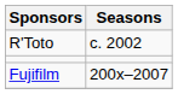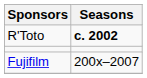 <table class="wikitable collapsible">
 <tr>
 <th>Sponsors</th>
 <th>Seasons</th>
 </tr>
 <tr>
 <td>R'Toto</td>
-<td>c. 2002</td>
+<td><strong>c. 2002</strong></td>
 </tr>
 <tr>
 <td></td>
 </tr>
 <tr>
 <td><a href='#'>Fujifilm</a></td>
 <td>200x–2007</td>
 </tr>
 <tr>
 </tr>
 </table>
